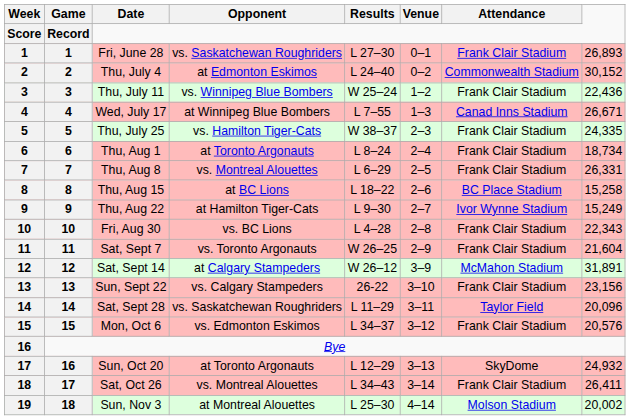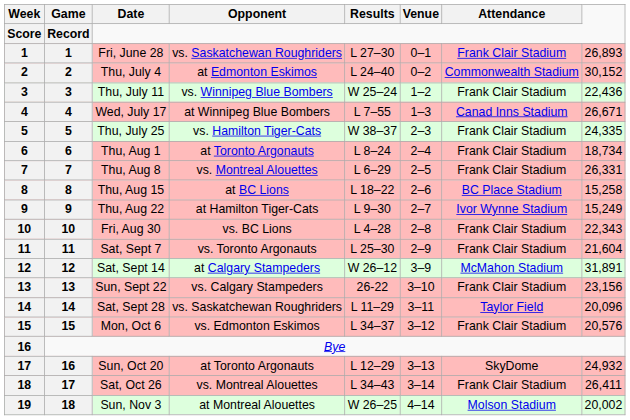 <table class="wikitable" style="text-align:center">
 <tr>
 <th>Week</th>
 <th>Game</th>
 <th>Date</th>
 <th>Opponent</th>
 <th>Results</th>
 <th>Venue</th>
 <th>Attendance</th>
 </tr>
 <tr>
 <th>Score</th>
 <th>Record</th>
 </tr>
 <tr style="background:#ffbbbb">
 <th>1</th>
 <th>1</th>
 <td>Fri, June 28</td>
 <td>vs. <a href='#'>Saskatchewan Roughriders</a></td>
 <td>L 27–30 </td>
 <td>0–1</td>
 <td><a href='#'>Frank Clair Stadium</a></td>
 <td>26,893</td>
 </tr>
 <tr style="background:#ffbbbb">
 <th>2</th>
 <th>2</th>
 <td>Thu, July 4</td>
 <td>at <a href='#'>Edmonton Eskimos</a></td>
 <td>L 24–40</td>
 <td>0–2</td>
 <td><a href='#'>Commonwealth Stadium</a></td>
 <td>30,152</td>
 </tr>
 <tr style="background:#ddffdd">
 <th>3</th>
 <th>3</th>
 <td>Thu, July 11</td>
 <td>vs. <a href='#'>Winnipeg Blue Bombers</a></td>
 <td>W 25–24</td>
 <td>1–2</td>
 <td>Frank Clair Stadium</td>
 <td>22,436</td>
 </tr>
 <tr style="background:#ffbbbb">
 <th>4</th>
 <th>4</th>
 <td>Wed, July 17</td>
 <td>at Winnipeg Blue Bombers</td>
 <td>L 7–55</td>
 <td>1–3</td>
 <td><a href='#'>Canad Inns Stadium</a></td>
 <td>26,671</td>
 </tr>
 <tr style="background:#ddffdd">
 <th>5</th>
 <th>5</th>
 <td>Thu, July 25</td>
 <td>vs. <a href='#'>Hamilton Tiger-Cats</a></td>
 <td>W 38–37</td>
 <td>2–3</td>
 <td>Frank Clair Stadium</td>
 <td>24,335</td>
 </tr>
 <tr style="background:#ffbbbb">
 <th>6</th>
 <th>6</th>
 <td>Thu, Aug 1</td>
 <td>at <a href='#'>Toronto Argonauts</a></td>
 <td>L 8–24</td>
 <td>2–4</td>
 <td>Frank Clair Stadium</td>
 <td>18,734</td>
 </tr>
 <tr style="background:#ffbbbb">
 <th>7</th>
 <th>7</th>
 <td>Thu, Aug 8</td>
 <td>vs. <a href='#'>Montreal Alouettes</a></td>
 <td>L 6–29</td>
 <td>2–5</td>
 <td>Frank Clair Stadium</td>
 <td>26,331</td>
 </tr>
 <tr style="background:#ffbbbb">
 <th>8</th>
 <th>8</th>
 <td>Thu, Aug 15</td>
 <td>at <a href='#'>BC Lions</a></td>
 <td>L 18–22</td>
 <td>2–6</td>
 <td><a href='#'>BC Place Stadium</a></td>
 <td>15,258</td>
 </tr>
 <tr style="background:#ffbbbb">
 <th>9</th>
 <th>9</th>
 <td>Thu, Aug 22</td>
 <td>at Hamilton Tiger-Cats</td>
 <td>L 9–30</td>
 <td>2–7</td>
 <td><a href='#'>Ivor Wynne Stadium</a></td>
 <td>15,249</td>
 </tr>
 <tr style="background:#ffbbbb">
 <th>10</th>
 <th>10</th>
 <td>Fri, Aug 30</td>
 <td>vs. BC Lions</td>
 <td>L 4–28</td>
 <td>2–8</td>
 <td>Frank Clair Stadium</td>
 <td>22,343</td>
 </tr>
 <tr style="background:#ffbbbb">
 <th>11</th>
 <th>11</th>
 <td>Sat, Sept 7</td>
 <td>vs. Toronto Argonauts</td>
-<td>W 26–25</td>
+<td>L 25–30</td>
 <td>2–9</td>
 <td>Frank Clair Stadium</td>
 <td>21,604</td>
 </tr>
 <tr style="background:#ddffdd">
 <th>12</th>
 <th>12</th>
 <td>Sat, Sept 14</td>
 <td>at <a href='#'>Calgary Stampeders</a></td>
 <td>W 26–12</td>
 <td>3–9</td>
 <td><a href='#'>McMahon Stadium</a></td>
 <td>31,891</td>
 </tr>
 <tr style="background:#ffbbbb">
 <th>13</th>
 <th>13</th>
 <td>Sun, Sept 22</td>
 <td>vs. Calgary Stampeders</td>
 <td>26-22 </td>
 <td>3–10</td>
 <td>Frank Clair Stadium</td>
 <td>23,156</td>
 </tr>
 <tr style="background:#ffbbbb">
 <th>14</th>
 <th>14</th>
 <td>Sat, Sept 28</td>
 <td>vs. Saskatchewan Roughriders</td>
 <td>L 11–29</td>
 <td>3–11</td>
 <td><a href='#'>Taylor Field</a></td>
 <td>20,096</td>
 </tr>
 <tr style="background:#ffbbbb">
 <th>15</th>
 <th>15</th>
 <td>Mon, Oct 6</td>
 <td>vs. Edmonton Eskimos</td>
 <td>L 34–37</td>
 <td>3–12</td>
 <td>Frank Clair Stadium</td>
 <td>20,576</td>
 </tr>
 <tr>
 <th>16</th>
 <td colspan=7 align="center"><em><a href='#'>Bye</a></em></td>
 </tr>
 <tr style="background:#ffbbbb">
 <th>17</th>
 <th>16</th>
 <td>Sun, Oct 20</td>
 <td>at Toronto Argonauts</td>
 <td>L 12–29</td>
 <td>3–13</td>
 <td>SkyDome</td>
 <td>24,932</td>
 </tr>
 <tr style="background:#ffbbbb">
 <th>18</th>
 <th>17</th>
 <td>Sat, Oct 26</td>
 <td>vs. Montreal Alouettes</td>
 <td>L 34–43</td>
 <td>3–14</td>
 <td>Frank Clair Stadium</td>
 <td>26,411</td>
 </tr>
 <tr style="background:#ddffdd">
 <th>19</th>
 <th>18</th>
 <td>Sun, Nov 3</td>
 <td>at Montreal Alouettes</td>
-<td>L 25–30</td>
+<td>W 26–25</td>
 <td>4–14</td>
 <td><a href='#'>Molson Stadium</a></td>
 <td>20,002</td>
 </tr>
 </table>
